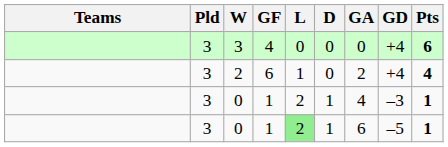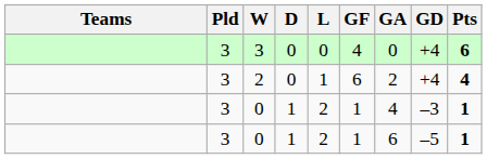 <table class="wikitable" style="text-align: center;">
 <tr>
 <th width=165>Teams</th>
 <th width=20>Pld</th>
 <th width=20>W</th>
+<th width=20>D</th>
+<th width=20>L</th>
 <th width=20>GF</th>
-<th width=20>L</th>
-<th width=20>D</th>
 <th width=20>GA</th>
 <th width=20>GD</th>
 <th width=20>Pts</th>
 </tr>
 <tr align=center style="background:#ccffcc;">
 <td style="text-align:left;"></td>
 <td>3</td>
 <td>3</td>
-<td>4</td>
 <td>0</td>
 <td>0</td>
+<td>4</td>
 <td>0</td>
 <td>+4</td>
 <td><strong>6</strong></td>
 </tr>
 <tr align=center>
 <td style="text-align:left;"></td>
 <td>3</td>
 <td>2</td>
+<td>0</td>
+<td>1</td>
 <td>6</td>
-<td>1</td>
-<td>0</td>
 <td>2</td>
 <td>+4</td>
 <td><strong>4</strong></td>
 </tr>
 <tr align=center>
 <td style="text-align:left;"></td>
 <td>3</td>
 <td>0</td>
 <td>1</td>
 <td>2</td>
 <td>1</td>
 <td>4</td>
 <td>–3</td>
 <td><strong>1</strong></td>
 </tr>
 <tr align=center>
 <td style="text-align:left;"></td>
 <td>3</td>
 <td>0</td>
 <td>1</td>
-<td style="background: lightgreen;">2</td>
+<td>2</td>
 <td>1</td>
 <td>6</td>
 <td>–5</td>
 <td><strong>1</strong></td>
 </tr>
 </table>
